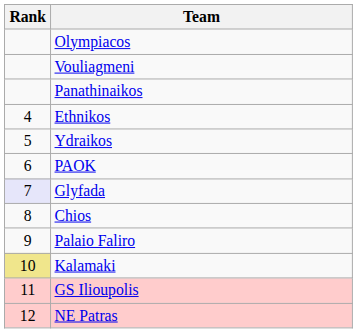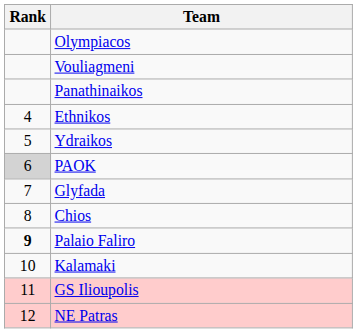 <table class="wikitable" style="text-align: center;">
 <tr>
 <th width=40>Rank</th>
 <th width=300>Team</th>
 </tr>
 <tr>
 <td></td>
 <td align=left><a href='#'>Olympiacos</a></td>
 </tr>
 <tr>
 <td></td>
 <td align=left><a href='#'>Vouliagmeni</a></td>
 </tr>
 <tr>
 <td></td>
 <td align=left><a href='#'>Panathinaikos</a></td>
 </tr>
 <tr>
 <td>4</td>
 <td align="left"><a href='#'>Ethnikos</a></td>
 </tr>
 <tr>
 <td>5</td>
 <td align="left"><a href='#'>Ydraikos</a></td>
 </tr>
 <tr>
-<td>6</td>
+<td style="background: lightgrey;">6</td>
 <td align="left"><a href='#'>PAOK</a></td>
 </tr>
 <tr>
-<td style="background: lavender;">7</td>
+<td>7</td>
 <td align="left"><a href='#'>Glyfada</a></td>
 </tr>
 <tr>
 <td>8</td>
 <td align="left"><a href='#'>Chios</a></td>
 </tr>
 <tr>
-<td>9</td>
+<td><strong>9</strong></td>
 <td align="left"><a href='#'>Palaio Faliro</a></td>
 </tr>
 <tr>
-<td style="background: khaki;">10</td>
+<td>10</td>
 <td align="left"><a href='#'>Kalamaki</a></td>
 </tr>
 <tr bgcolor="FFCCCC">
 <td>11</td>
 <td align="left"><a href='#'>GS Ilioupolis</a></td>
 </tr>
 <tr bgcolor="FFCCCC">
 <td>12</td>
 <td align="left"><a href='#'>NE Patras</a></td>
 </tr>
 </table>
